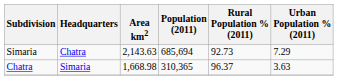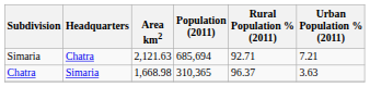 <table class="wikitable sortable">
 <tr>
 <th>Subdivision</th>
 <th>Headquarters</th>
 <th><br>Area<br>km<sup>2</sup></th>
 <th>Population<br>(2011)</th>
 <th>Rural<br>Population %<br>(2011)</th>
 <th>Urban<br> Population % <br>(2011)</th>
 </tr>
 <tr>
 <td>Simaria</td>
 <td><a href='#'>Chatra</a></td>
-<td>2,143.63</td>
+<td>2,121.63</td>
 <td>685,694</td>
-<td>92.73</td>
-<td>7.29</td>
+<td>92.71</td>
+<td>7.21</td>
 </tr>
 <tr>
 <td><a href='#'>Chatra</a></td>
 <td><a href='#'>Simaria</a></td>
 <td>1,668.98</td>
 <td>310,365</td>
 <td>96.37</td>
 <td>3.63</td>
 </tr>
 <tr>
 </tr>
 </table>
